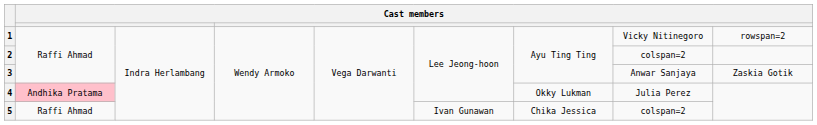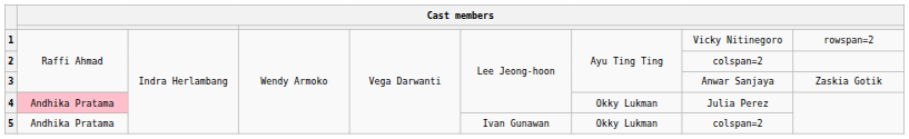 <table class="wikitable plainrowheaders" style="width:100%; text-align:center; line-height:23px;">
 <tr>
 <th rowspan=2 width=1%></th>
 <th colspan=8>Cast members </th>
 </tr>
 <tr>
 <th colspan=2></th>
 <th colspan=6></th>
 </tr>
 <tr>
 <th>1</th>
 <td rowspan=3 width=10%>Raffi Ahmad</td>
 <td rowspan=5 width=10%>Indra Herlambang</td>
 <td rowspan=5 width=10%>Wendy Armoko</td>
 <td rowspan=5 width=10%>Vega Darwanti</td>
 <td rowspan=4 width=10%>Lee Jeong-hoon</td>
 <td rowspan=3 width=10%>Ayu Ting Ting</td>
 <td>Vicky Nitinegoro</td>
 <td>rowspan=2 </td>
 </tr>
 <tr>
 <th>2</th>
 <td>colspan=2 </td>
 </tr>
 <tr>
 <th>3</th>
 <td>Anwar Sanjaya</td>
 <td width=10%>Zaskia Gotik</td>
 </tr>
 <tr>
 <th>4</th>
 <td style="background: pink;">Andhika Pratama</td>
 <td>Okky Lukman</td>
 <td width=10%>Julia Perez</td>
 </tr>
 <tr>
 <th>5</th>
-<td>Raffi Ahmad</td>
+<td>Andhika Pratama</td>
 <td>Ivan Gunawan</td>
-<td>Chika Jessica</td>
+<td>Okky Lukman</td>
 <td>colspan=2 </td>
 </tr>
 </table>
